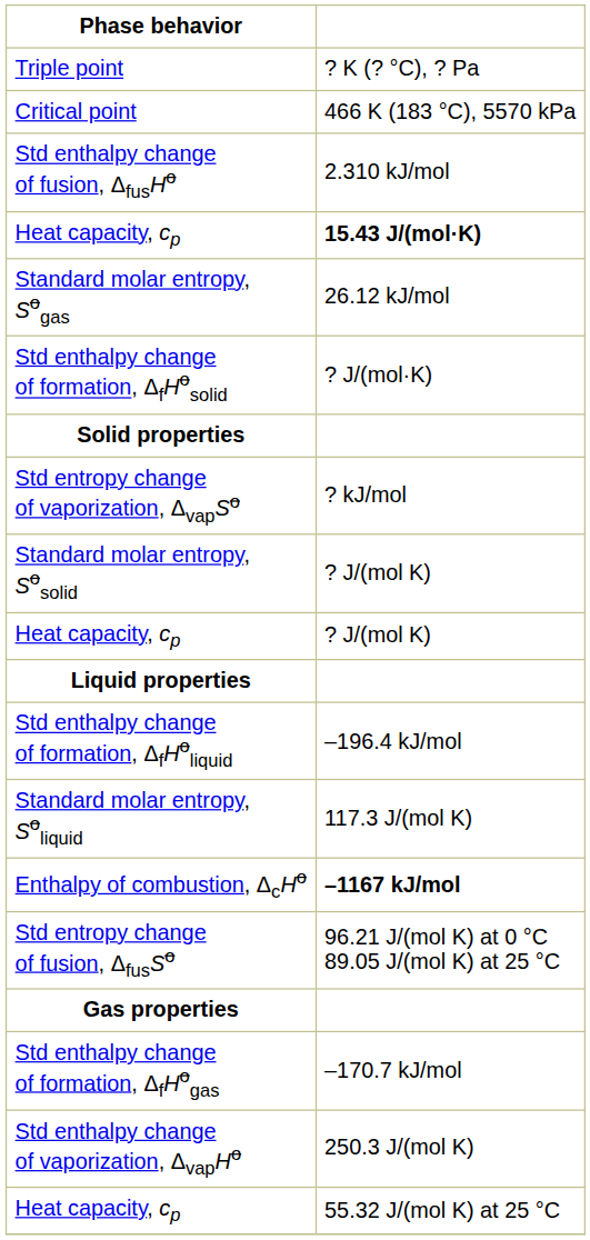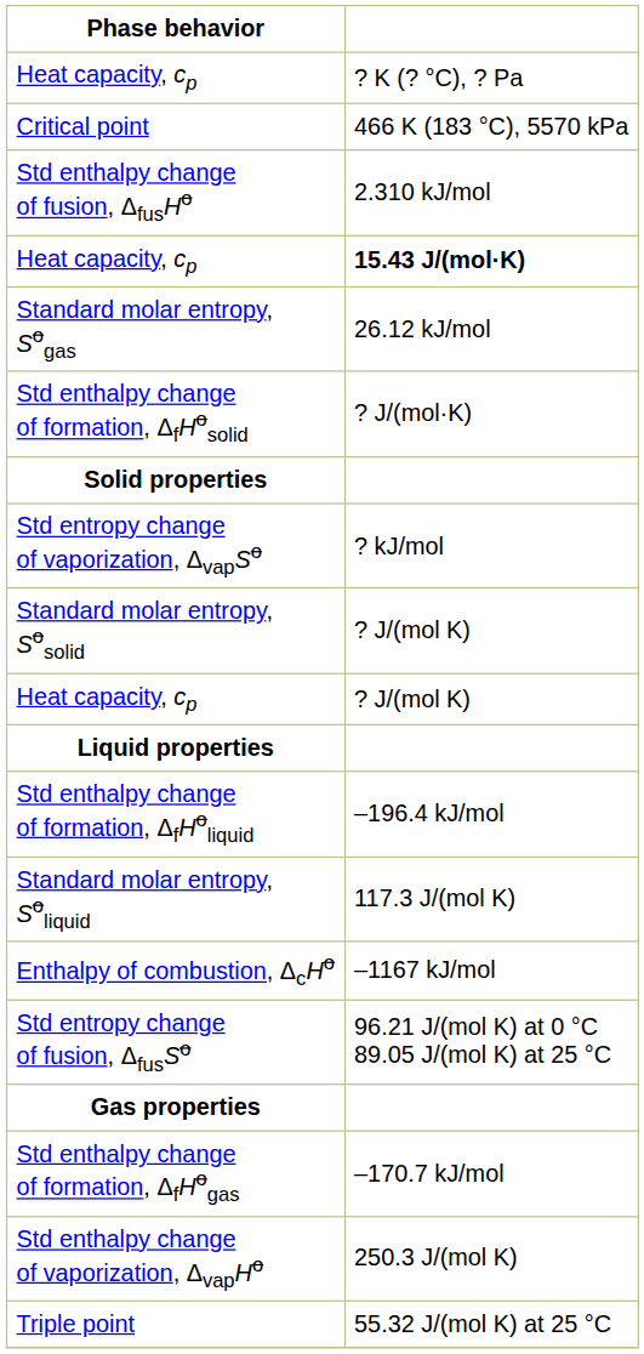 <table border="1" cellspacing="0" cellpadding="6" style="margin: 0 0 0 0.5em; background: #FFFFFF; border-collapse: collapse; border-color: #C0C090;">
 <tr>
 <th>Phase behavior</th>
 </tr>
 <tr>
-<td><a href='#'>Triple point</a></td>
+<td><a href='#'>Heat capacity</a>, <em>c<sub>p</sub></em></td>
 <td>? K (? °C), ? Pa</td>
 </tr>
 <tr>
 <td><a href='#'>Critical point</a></td>
 <td>466 K (183 °C), 5570 kPa</td>
 </tr>
 <tr>
 <td><a href='#'>Std enthalpy change<br>of fusion</a>, Δ<sub>fus</sub><em>H</em><sup><s>o</s></sup></td>
 <td>2.310	 kJ/mol</td>
 </tr>
 <tr>
 <td><a href='#'>Heat capacity</a>, <em>c<sub>p</sub></em></td>
 <td><strong>15.43	 J/(mol·K)</strong></td>
 </tr>
 <tr>
 <td><a href='#'>Standard molar entropy</a>,<br><em>S</em><sup><s>o</s></sup><sub>gas</sub></td>
 <td>26.12 kJ/mol</td>
 </tr>
 <tr>
 <td><a href='#'>Std enthalpy change<br>of formation</a>, Δ<sub>f</sub><em>H</em><sup><s>o</s></sup><sub>solid</sub></td>
 <td>? J/(mol·K)</td>
 </tr>
 <tr>
 <th>Solid properties</th>
 </tr>
 <tr>
 <td><a href='#'>Std entropy change<br>of vaporization</a>, Δ<sub>vap</sub><em>S</em><sup><s>o</s></sup></td>
 <td>? kJ/mol</td>
 </tr>
 <tr>
 <td><a href='#'>Standard molar entropy</a>,<br><em>S</em><sup><s>o</s></sup><sub>solid</sub></td>
 <td>? J/(mol K)</td>
 </tr>
 <tr>
 <td><a href='#'>Heat capacity</a>, <em>c<sub>p</sub></em></td>
 <td>? J/(mol K)</td>
 </tr>
 <tr>
 <th>Liquid properties</th>
 </tr>
 <tr>
 <td><a href='#'>Std enthalpy change<br>of formation</a>, Δ<sub>f</sub><em>H</em><sup><s>o</s></sup><sub>liquid</sub></td>
 <td>–196.4 kJ/mol</td>
 </tr>
 <tr>
 <td><a href='#'>Standard molar entropy</a>,<br><em>S</em><sup><s>o</s></sup><sub>liquid</sub></td>
 <td>117.3 J/(mol K)</td>
 </tr>
 <tr>
 <td><a href='#'>Enthalpy of combustion</a>, Δ<sub>c</sub><em>H</em><sup><s>o</s></sup></td>
-<td><strong>–1167 kJ/mol</strong></td>
+<td>–1167 kJ/mol</td>
 </tr>
 <tr>
 <td><a href='#'>Std entropy change<br>of fusion</a>, Δ<sub>fus</sub><em>S</em><sup><s>o</s></sup></td>
 <td>96.21 J/(mol K) at 0 °C<br>89.05 J/(mol K) at 25 °C</td>
 </tr>
 <tr>
 <th>Gas properties</th>
 </tr>
 <tr>
 <td><a href='#'>Std enthalpy change<br>of formation</a>, Δ<sub>f</sub><em>H</em><sup><s>o</s></sup><sub>gas</sub></td>
 <td>–170.7 kJ/mol</td>
 </tr>
 <tr>
 <td><a href='#'>Std enthalpy change<br>of vaporization</a>, Δ<sub>vap</sub><em>H</em><sup><s>o</s></sup></td>
 <td>250.3 J/(mol K)</td>
 </tr>
 <tr>
-<td><a href='#'>Heat capacity</a>, <em>c<sub>p</sub></em></td>
+<td><a href='#'>Triple point</a></td>
 <td>55.32 J/(mol K) at 25 °C</td>
 </tr>
 <tr>
 </tr>
 </table>
